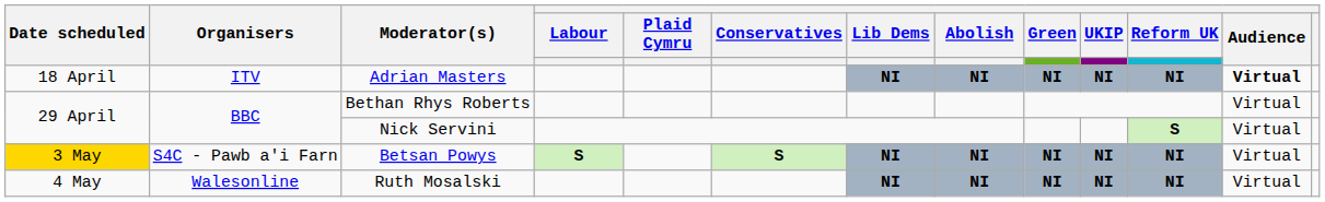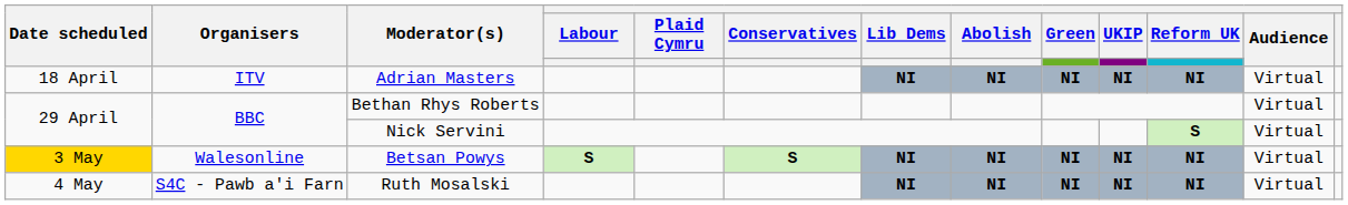 <table class="wikitable" style="font-size:95%; text-align:center;">
 <tr>
 <th rowspan="3">Date scheduled</th>
 <th rowspan="3">Organisers</th>
 <th rowspan="3">Moderator(s)</th>
 <th colspan="12">       </th>
 </tr>
 <tr>
 <th scope="col" style="width:5em;"><a href='#'>Labour</a></th>
 <th scope="col" style="width:5em;"><a href='#'>Plaid Cymru</a></th>
 <th scope="col" style="width:5em;"><a href='#'>Conservatives</a></th>
 <th scope="col" style="width:5em;"><a href='#'>Lib Dems</a></th>
 <th scope="col" style="width:5em;"><a href='#'>Abolish</a></th>
 <th><a href='#'>Green</a></th>
 <th><a href='#'>UKIP</a></th>
 <th><a href='#'>Reform UK</a></th>
 <th rowspan="2" scope="col" style="width:5em;">Audience</th>
 <th rowspan="2"></th>
 </tr>
 <tr>
 <th style="background:"></th>
 <th style="background:"></th>
 <th style="background:"></th>
 <th style="background:"></th>
 <th style="background:"></th>
 <th style="background:#6AB023;"></th>
 <th style="background:#800080;"></th>
 <th style="background:#12B6CF;"></th>
 </tr>
 <tr>
 <td>18 April</td>
 <td><a href='#'>ITV</a></td>
 <td><a href='#'>Adrian Masters</a></td>
 <td></td>
 <td></td>
 <td></td>
 <td style="background:#A2B2C2; color:black; text-align:center;"><strong>NI</strong></td>
 <td style="background:#A2B2C2; color:black; text-align:center;"><strong>NI</strong></td>
 <td style="background:#A2B2C2; color:black; text-align:center;"><strong>NI</strong></td>
 <td style="background:#A2B2C2; color:black; text-align:center;"><strong>NI</strong></td>
 <td style="background:#A2B2C2; color:black; text-align:center;"><strong>NI</strong></td>
-<td><strong>Virtual</strong></td>
+<td>Virtual</td>
 <td></td>
 </tr>
 <tr>
 <td rowspan="2">29 April</td>
 <td rowspan="2"><a href='#'>BBC</a></td>
 <td>Bethan Rhys Roberts</td>
 <td></td>
 <td></td>
 <td></td>
 <td></td>
 <td></td>
 <td colspan="3"></td>
 <td>Virtual</td>
 <td></td>
 </tr>
 <tr>
 <td>Nick Servini</td>
 <td colspan="5"></td>
 <td></td>
 <td></td>
 <td style="background:#D0F0C0; color:black; text-align:center;"><strong>S</strong><br></td>
 <td>Virtual</td>
 <td></td>
 </tr>
 <tr>
 <td style="background: gold;">3 May</td>
-<td><a href='#'>S4C</a> - Pawb a'i Farn</td>
+<td><a href='#'>Walesonline</a></td>
 <td><a href='#'>Betsan Powys</a></td>
 <td style="background:#D0F0C0; color:black; text-align:center;"><strong>S</strong><br></td>
 <td></td>
 <td style="background:#D0F0C0; color:black; text-align:center;"><strong>S</strong><br></td>
 <td style="background:#A2B2C2; color:black; text-align:center;"><strong>NI</strong></td>
 <td style="background:#A2B2C2; color:black; text-align:center;"><strong>NI</strong></td>
 <td style="background:#A2B2C2; color:black; text-align:center;"><strong>NI</strong></td>
 <td style="background:#A2B2C2; color:black; text-align:center;"><strong>NI</strong></td>
 <td style="background:#A2B2C2; color:black; text-align:center;"><strong>NI</strong></td>
 <td>Virtual</td>
 <td></td>
 </tr>
 <tr>
 <td>4 May</td>
-<td><a href='#'>Walesonline</a></td>
+<td><a href='#'>S4C</a> - Pawb a'i Farn</td>
 <td>Ruth Mosalski</td>
 <td></td>
 <td></td>
 <td></td>
 <td style="background:#A2B2C2; color:black; text-align:center;"><strong>NI</strong></td>
 <td style="background:#A2B2C2; color:black; text-align:center;"><strong>NI</strong></td>
 <td style="background:#A2B2C2; color:black; text-align:center;"><strong>NI</strong></td>
 <td style="background:#A2B2C2; color:black; text-align:center;"><strong>NI</strong></td>
 <td style="background:#A2B2C2; color:black; text-align:center;"><strong>NI</strong></td>
 <td>Virtual</td>
 <td></td>
 </tr>
 </table>
